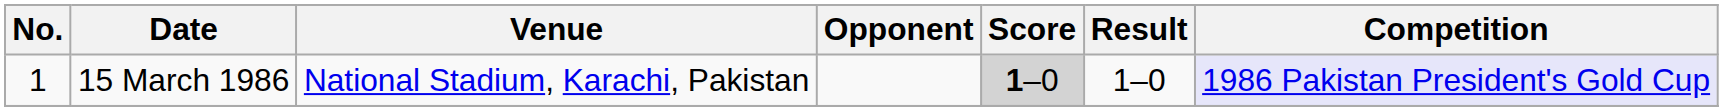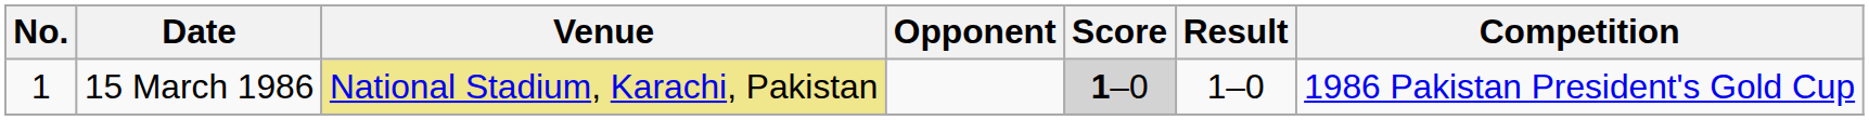 <table class="wikitable sortable">
 <tr>
 <th scope="col">No.</th>
 <th scope="col">Date</th>
 <th scope="col">Venue</th>
 <th scope="col">Opponent</th>
 <th scope="col">Score</th>
 <th scope="col">Result</th>
 <th scope="col">Competition</th>
 </tr>
 <tr>
 <td align="center">1</td>
 <td>15 March 1986</td>
-<td><a href='#'>National Stadium</a>, <a href='#'>Karachi</a>, Pakistan</td>
+<td style="background: khaki;"><a href='#'>National Stadium</a>, <a href='#'>Karachi</a>, Pakistan</td>
 <td></td>
 <td align="center" style="background: lightgrey;"><strong>1</strong>–0</td>
 <td align="center">1–0</td>
-<td style="background: lavender;"><a href='#'>1986 Pakistan President's Gold Cup</a></td>
+<td><a href='#'>1986 Pakistan President's Gold Cup</a></td>
 </tr>
 <tr>
 </tr>
 </table>
